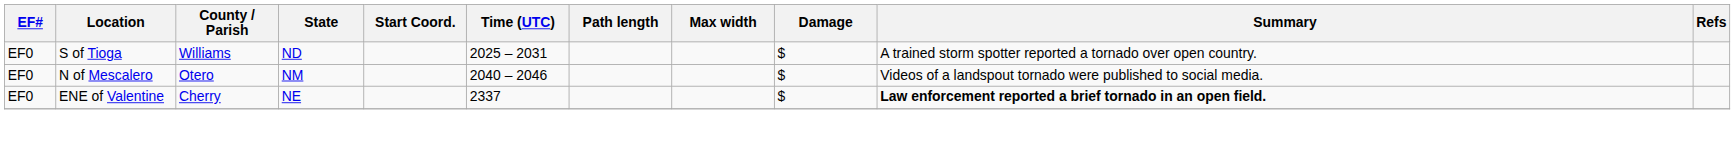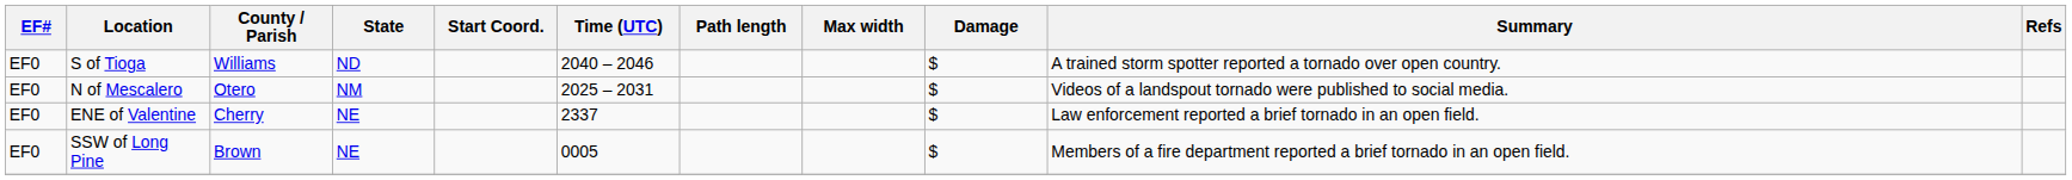 <table class="wikitable sortable" style="width:100%;">
 <tr>
 <th scope="col" width="3%" align="center"><a href='#'>EF#</a></th>
 <th scope="col" width="7%" align="center" class="unsortable">Location</th>
 <th scope="col" width="6%" align="center" class="unsortable">County / Parish</th>
 <th scope="col" width="5%" align="center">State</th>
 <th scope="col" width="6%" align="center">Start Coord.</th>
 <th scope="col" width="6%" align="center">Time (<a href='#'>UTC</a>)</th>
 <th scope="col" width="6%" align="center">Path length</th>
 <th scope="col" width="6%" align="center">Max width</th>
 <th scope="col" width="6%" align="center">Damage</th>
 <th scope="col" width="48%" class="unsortable" align="center">Summary</th>
 <th scope="col" width="48%" class="unsortable" align="center">Refs</th>
 </tr>
 <tr>
 <td>EF0</td>
 <td>S of <a href='#'>Tioga</a></td>
 <td><a href='#'>Williams</a></td>
 <td><a href='#'>ND</a></td>
 <td></td>
-<td>2025 – 2031</td>
+<td>2040 – 2046</td>
 <td></td>
 <td></td>
 <td>$</td>
 <td>A trained storm spotter reported a tornado over open country.</td>
 <td></td>
 </tr>
 <tr>
 <td>EF0</td>
 <td>N of <a href='#'>Mescalero</a></td>
 <td><a href='#'>Otero</a></td>
 <td><a href='#'>NM</a></td>
 <td></td>
-<td>2040 – 2046</td>
+<td>2025 – 2031</td>
 <td></td>
 <td></td>
 <td>$</td>
 <td>Videos of a landspout tornado were published to social media.</td>
 <td></td>
 </tr>
 <tr>
 <td>EF0</td>
 <td>ENE of <a href='#'>Valentine</a></td>
 <td><a href='#'>Cherry</a></td>
 <td><a href='#'>NE</a></td>
 <td></td>
 <td>2337</td>
 <td></td>
 <td></td>
 <td>$</td>
-<td><strong>Law enforcement reported a brief tornado in an open field.</strong></td>
+<td>Law enforcement reported a brief tornado in an open field.</td>
+<td></td>
+</tr>
+<tr>
+<td>EF0</td>
+<td>SSW of <a href='#'>Long Pine</a></td>
+<td><a href='#'>Brown</a></td>
+<td><a href='#'>NE</a></td>
+<td></td>
+<td>0005</td>
+<td></td>
+<td></td>
+<td>$</td>
+<td>Members of a fire department reported a brief tornado in an open field.</td>
 <td></td>
 </tr>
 <tr>
 </tr>
 </table>
